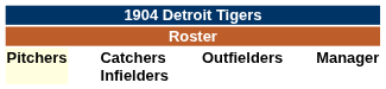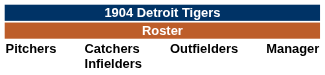 <table class="toccolours" style="font-size: 95%;">
 <tr>
 <th colspan="10" style="background-color: #003366; color: white; text-align: center;">1904 Detroit Tigers</th>
 </tr>
 <tr>
 <td colspan="10" style="background-color: #bd5d29; color: white; text-align: center;"><strong>Roster</strong></td>
 </tr>
 <tr>
-<td valign="top" style="background: lightyellow;"><strong>Pitchers</strong><br>       </td>
+<td valign="top"><strong>Pitchers</strong><br>       </td>
 <td width="25px"></td>
 <td valign="top"><strong>Catchers</strong><br>     <strong>Infielders</strong>        </td>
 <td width="25px"></td>
 <td valign="top"><strong>Outfielders</strong><br>   </td>
 <td width="25px"></td>
 <td valign="top"><strong>Manager</strong><br> </td>
 </tr>
 </table>
